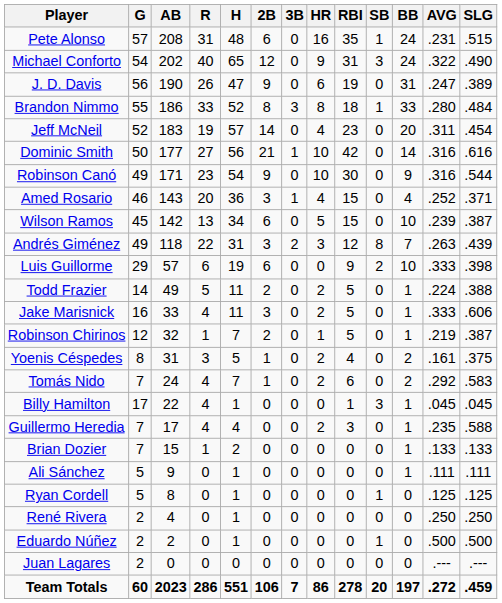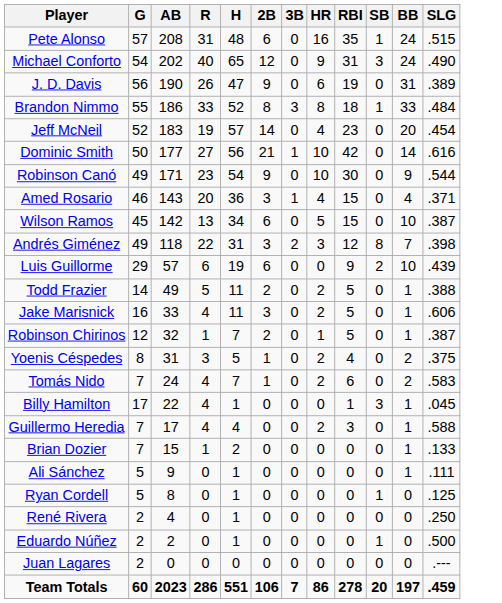 <table class=wikitable style="text-align:center">
 <tr>
 <th>Player</th>
 <th>G</th>
 <th>AB</th>
 <th>R</th>
 <th>H</th>
 <th>2B</th>
 <th>3B</th>
 <th>HR</th>
 <th>RBI</th>
 <th>SB</th>
 <th>BB</th>
-<th>AVG</th>
 <th>SLG</th>
 </tr>
 <tr>
 <td><a href='#'>Pete Alonso</a></td>
 <td>57</td>
 <td>208</td>
 <td>31</td>
 <td>48</td>
 <td>6</td>
 <td>0</td>
 <td>16</td>
 <td>35</td>
 <td>1</td>
 <td>24</td>
-<td>.231</td>
 <td>.515</td>
 </tr>
 <tr>
 <td><a href='#'>Michael Conforto</a></td>
 <td>54</td>
 <td>202</td>
 <td>40</td>
 <td>65</td>
 <td>12</td>
 <td>0</td>
 <td>9</td>
 <td>31</td>
 <td>3</td>
 <td>24</td>
-<td>.322</td>
 <td>.490</td>
 </tr>
 <tr>
 <td><a href='#'>J. D. Davis</a></td>
 <td>56</td>
 <td>190</td>
 <td>26</td>
 <td>47</td>
 <td>9</td>
 <td>0</td>
 <td>6</td>
 <td>19</td>
 <td>0</td>
 <td>31</td>
-<td>.247</td>
 <td>.389</td>
 </tr>
 <tr>
 <td><a href='#'>Brandon Nimmo</a></td>
 <td>55</td>
 <td>186</td>
 <td>33</td>
 <td>52</td>
 <td>8</td>
 <td>3</td>
 <td>8</td>
 <td>18</td>
 <td>1</td>
 <td>33</td>
-<td>.280</td>
 <td>.484</td>
 </tr>
 <tr>
 <td><a href='#'>Jeff McNeil</a></td>
 <td>52</td>
 <td>183</td>
 <td>19</td>
 <td>57</td>
 <td>14</td>
 <td>0</td>
 <td>4</td>
 <td>23</td>
 <td>0</td>
 <td>20</td>
-<td>.311</td>
 <td>.454</td>
 </tr>
 <tr>
 <td><a href='#'>Dominic Smith</a></td>
 <td>50</td>
 <td>177</td>
 <td>27</td>
 <td>56</td>
 <td>21</td>
 <td>1</td>
 <td>10</td>
 <td>42</td>
 <td>0</td>
 <td>14</td>
-<td>.316</td>
 <td>.616</td>
 </tr>
 <tr>
 <td><a href='#'>Robinson Canó</a></td>
 <td>49</td>
 <td>171</td>
 <td>23</td>
 <td>54</td>
 <td>9</td>
 <td>0</td>
 <td>10</td>
 <td>30</td>
 <td>0</td>
 <td>9</td>
-<td>.316</td>
 <td>.544</td>
 </tr>
 <tr>
 <td><a href='#'>Amed Rosario</a></td>
 <td>46</td>
 <td>143</td>
 <td>20</td>
 <td>36</td>
 <td>3</td>
 <td>1</td>
 <td>4</td>
 <td>15</td>
 <td>0</td>
 <td>4</td>
-<td>.252</td>
 <td>.371</td>
 </tr>
 <tr>
 <td><a href='#'>Wilson Ramos</a></td>
 <td>45</td>
 <td>142</td>
 <td>13</td>
 <td>34</td>
 <td>6</td>
 <td>0</td>
 <td>5</td>
 <td>15</td>
 <td>0</td>
 <td>10</td>
-<td>.239</td>
 <td>.387</td>
 </tr>
 <tr>
 <td><a href='#'>Andrés Giménez</a></td>
 <td>49</td>
 <td>118</td>
 <td>22</td>
 <td>31</td>
 <td>3</td>
 <td>2</td>
 <td>3</td>
 <td>12</td>
 <td>8</td>
 <td>7</td>
-<td>.263</td>
-<td>.439</td>
+<td>.398</td>
 </tr>
 <tr>
 <td><a href='#'>Luis Guillorme</a></td>
 <td>29</td>
 <td>57</td>
 <td>6</td>
 <td>19</td>
 <td>6</td>
 <td>0</td>
 <td>0</td>
 <td>9</td>
 <td>2</td>
 <td>10</td>
-<td>.333</td>
-<td>.398</td>
+<td>.439</td>
 </tr>
 <tr>
 <td><a href='#'>Todd Frazier</a></td>
 <td>14</td>
 <td>49</td>
 <td>5</td>
 <td>11</td>
 <td>2</td>
 <td>0</td>
 <td>2</td>
 <td>5</td>
 <td>0</td>
 <td>1</td>
-<td>.224</td>
 <td>.388</td>
 </tr>
 <tr>
 <td><a href='#'>Jake Marisnick</a></td>
 <td>16</td>
 <td>33</td>
 <td>4</td>
 <td>11</td>
 <td>3</td>
 <td>0</td>
 <td>2</td>
 <td>5</td>
 <td>0</td>
 <td>1</td>
-<td>.333</td>
 <td>.606</td>
 </tr>
 <tr>
 <td><a href='#'>Robinson Chirinos</a></td>
 <td>12</td>
 <td>32</td>
 <td>1</td>
 <td>7</td>
 <td>2</td>
 <td>0</td>
 <td>1</td>
 <td>5</td>
 <td>0</td>
 <td>1</td>
-<td>.219</td>
 <td>.387</td>
 </tr>
 <tr>
 <td><a href='#'>Yoenis Céspedes</a></td>
 <td>8</td>
 <td>31</td>
 <td>3</td>
 <td>5</td>
 <td>1</td>
 <td>0</td>
 <td>2</td>
 <td>4</td>
 <td>0</td>
 <td>2</td>
-<td>.161</td>
 <td>.375</td>
 </tr>
 <tr>
 <td><a href='#'>Tomás Nido</a></td>
 <td>7</td>
 <td>24</td>
 <td>4</td>
 <td>7</td>
 <td>1</td>
 <td>0</td>
 <td>2</td>
 <td>6</td>
 <td>0</td>
 <td>2</td>
-<td>.292</td>
 <td>.583</td>
 </tr>
 <tr>
 <td><a href='#'>Billy Hamilton</a></td>
 <td>17</td>
 <td>22</td>
 <td>4</td>
 <td>1</td>
 <td>0</td>
 <td>0</td>
 <td>0</td>
 <td>1</td>
 <td>3</td>
 <td>1</td>
 <td>.045</td>
-<td>.045</td>
 </tr>
 <tr>
 <td><a href='#'>Guillermo Heredia</a></td>
 <td>7</td>
 <td>17</td>
 <td>4</td>
 <td>4</td>
 <td>0</td>
 <td>0</td>
 <td>2</td>
 <td>3</td>
 <td>0</td>
 <td>1</td>
-<td>.235</td>
 <td>.588</td>
 </tr>
 <tr>
 <td><a href='#'>Brian Dozier</a></td>
 <td>7</td>
 <td>15</td>
 <td>1</td>
 <td>2</td>
 <td>0</td>
 <td>0</td>
 <td>0</td>
 <td>0</td>
 <td>0</td>
 <td>1</td>
 <td>.133</td>
-<td>.133</td>
 </tr>
 <tr>
 <td><a href='#'>Ali Sánchez</a></td>
 <td>5</td>
 <td>9</td>
 <td>0</td>
 <td>1</td>
 <td>0</td>
 <td>0</td>
 <td>0</td>
 <td>0</td>
 <td>0</td>
 <td>1</td>
-<td>.111</td>
 <td>.111</td>
 </tr>
 <tr>
 <td><a href='#'>Ryan Cordell</a></td>
 <td>5</td>
 <td>8</td>
 <td>0</td>
 <td>1</td>
 <td>0</td>
 <td>0</td>
 <td>0</td>
 <td>0</td>
 <td>1</td>
 <td>0</td>
 <td>.125</td>
-<td>.125</td>
 </tr>
 <tr>
 <td><a href='#'>René Rivera</a></td>
 <td>2</td>
 <td>4</td>
 <td>0</td>
 <td>1</td>
 <td>0</td>
 <td>0</td>
 <td>0</td>
 <td>0</td>
 <td>0</td>
 <td>0</td>
-<td>.250</td>
 <td>.250</td>
 </tr>
 <tr>
 <td><a href='#'>Eduardo Núñez</a></td>
 <td>2</td>
 <td>2</td>
 <td>0</td>
 <td>1</td>
 <td>0</td>
 <td>0</td>
 <td>0</td>
 <td>0</td>
 <td>1</td>
 <td>0</td>
 <td>.500</td>
-<td>.500</td>
 </tr>
 <tr>
 <td><a href='#'>Juan Lagares</a></td>
 <td>2</td>
 <td>0</td>
 <td>0</td>
 <td>0</td>
 <td>0</td>
 <td>0</td>
 <td>0</td>
 <td>0</td>
 <td>0</td>
 <td>0</td>
 <td>.---</td>
-<td>.---</td>
 </tr>
 <tr>
 <td><strong>Team Totals</strong></td>
 <td><strong>60</strong></td>
 <td><strong>2023</strong></td>
 <td><strong>286</strong></td>
 <td><strong>551</strong></td>
 <td><strong>106</strong></td>
 <td><strong>7</strong></td>
 <td><strong>86</strong></td>
 <td><strong>278</strong></td>
 <td><strong>20</strong></td>
 <td><strong>197</strong></td>
-<td><strong>.272</strong></td>
 <td><strong>.459</strong></td>
 </tr>
 </table>
